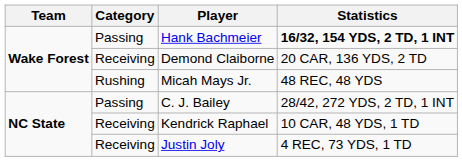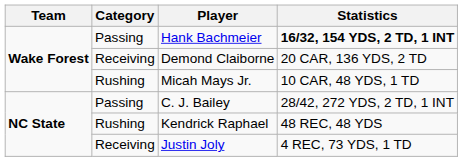 <table class="wikitable" style="float: right;">
 <tr>
 <th>Team</th>
 <th>Category</th>
 <th>Player</th>
 <th>Statistics</th>
 </tr>
 <tr>
 <td rowspan=3><strong>Wake Forest</strong></td>
 <td>Passing</td>
 <td><a href='#'>Hank Bachmeier</a></td>
 <td><strong>16/32, 154 YDS, 2 TD, 1 INT</strong></td>
 </tr>
 <tr>
 <td>Receiving</td>
 <td>Demond Claiborne</td>
 <td>20 CAR, 136 YDS, 2 TD</td>
 </tr>
 <tr>
 <td>Rushing</td>
 <td>Micah Mays Jr.</td>
-<td>48 REC, 48 YDS</td>
+<td>10 CAR, 48 YDS, 1 TD</td>
 </tr>
 <tr>
 <td rowspan=3><strong>NC State</strong></td>
 <td>Passing</td>
 <td>C. J. Bailey</td>
 <td>28/42, 272 YDS, 2 TD, 1 INT</td>
 </tr>
 <tr>
-<td>Receiving</td>
+<td>Rushing</td>
 <td>Kendrick Raphael</td>
-<td>10 CAR, 48 YDS, 1 TD</td>
+<td>48 REC, 48 YDS</td>
 </tr>
 <tr>
 <td>Receiving</td>
 <td><a href='#'>Justin Joly</a></td>
 <td>4 REC, 73 YDS, 1 TD</td>
 </tr>
 </table>
